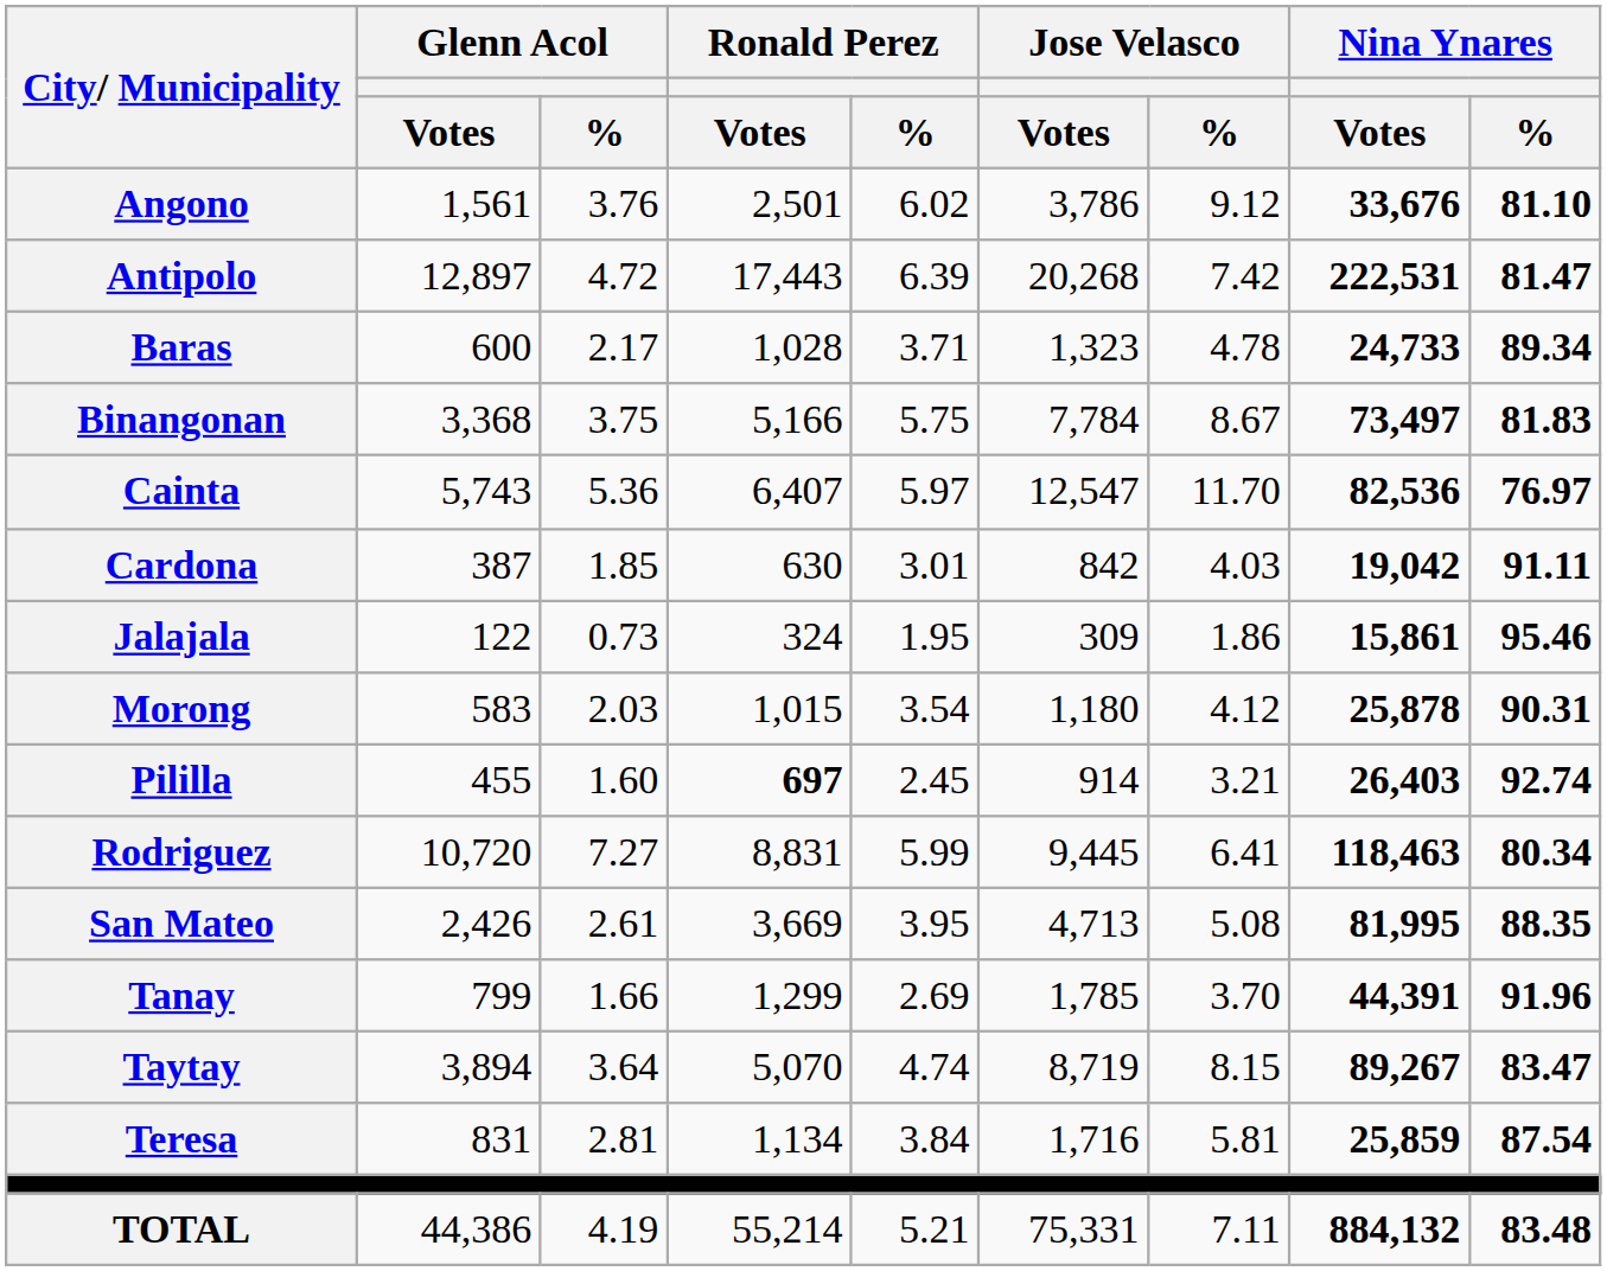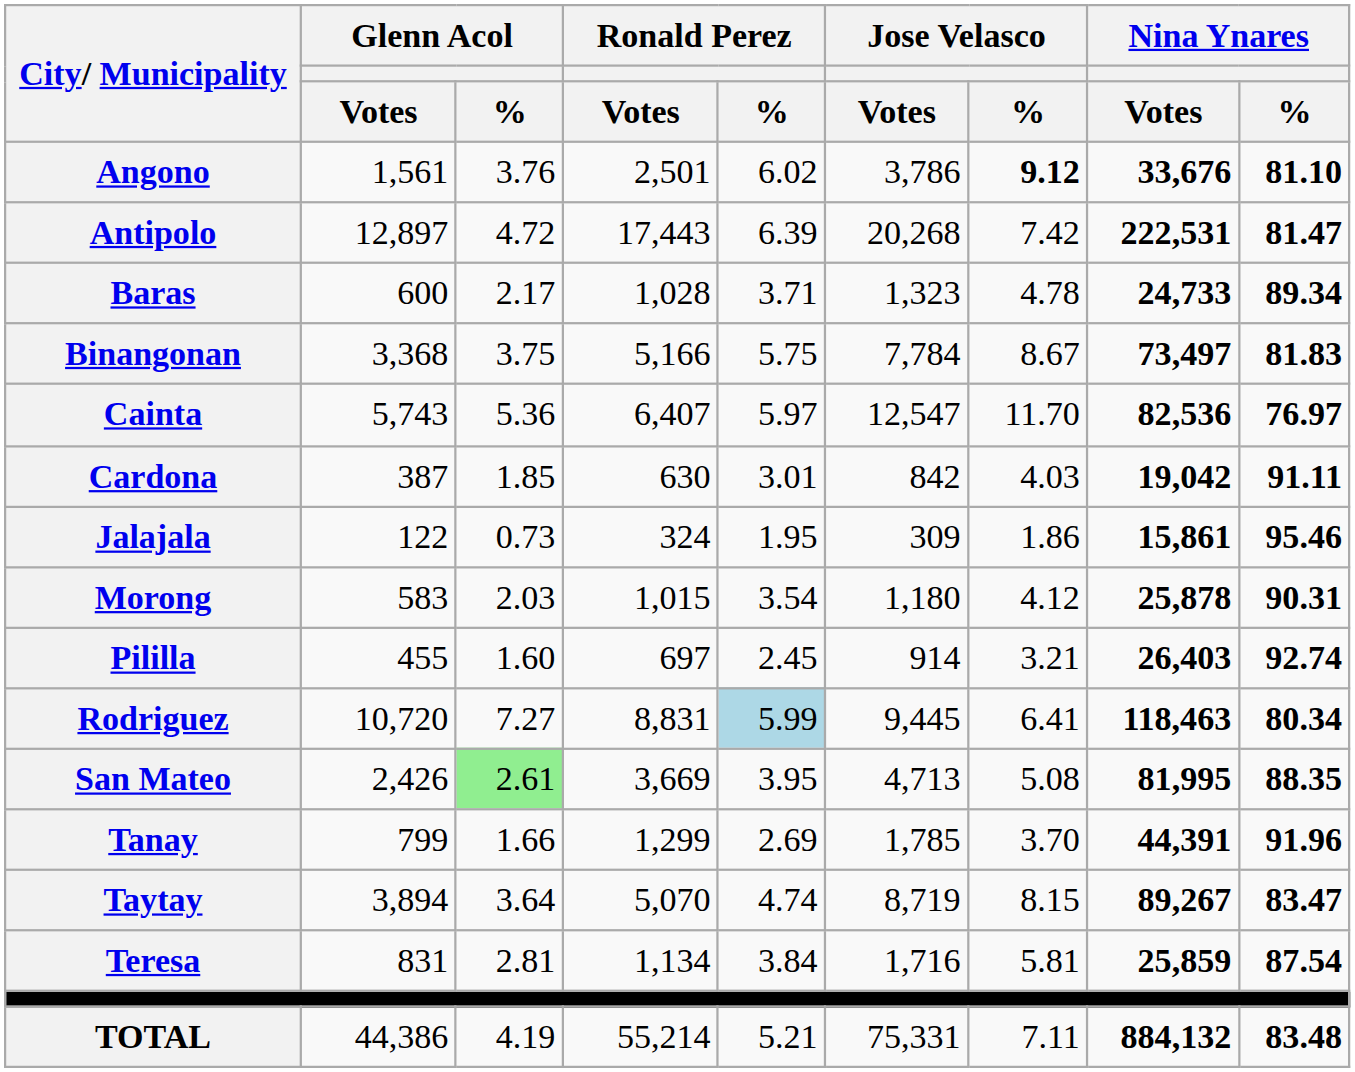 <table class="wikitable collapsible collapsed" style="text-align:right; font-size:95%; line-height:20px;">
 <tr>
 <th width="125" rowspan="3"><a href='#'>City</a>/ <a href='#'>Municipality</a></th>
 <th width="110" colspan="2">Glenn Acol</th>
 <th width="110" colspan="2">Ronald Perez</th>
 <th width="110" colspan="2">Jose Velasco</th>
 <th width="110" colspan="2"><a href='#'>Nina Ynares</a></th>
 </tr>
 <tr>
 <th colspan="2" style="background:"></th>
 <th colspan="2" style="background:"></th>
 <th colspan="2" style="background:"></th>
 <th colspan="2" style="background:"></th>
 </tr>
 <tr>
 <th>Votes</th>
 <th>%</th>
 <th>Votes</th>
 <th>%</th>
 <th>Votes</th>
 <th>%</th>
 <th>Votes</th>
 <th>%</th>
 </tr>
 <tr>
 <th scope="row"><a href='#'>Angono</a></th>
 <td>1,561</td>
 <td>3.76</td>
 <td>2,501</td>
 <td>6.02</td>
 <td>3,786</td>
-<td>9.12</td>
+<td><strong>9.12</strong></td>
 <td style="background:"><strong>33,676 </strong></td>
 <td style="background:"><strong>81.10 </strong></td>
 </tr>
 <tr>
 <th scope="row"><a href='#'>Antipolo</a></th>
 <td>12,897</td>
 <td>4.72</td>
 <td>17,443</td>
 <td>6.39</td>
 <td>20,268</td>
 <td>7.42</td>
 <td style="background:"><strong>222,531 </strong></td>
 <td style="background:"><strong>81.47 </strong></td>
 </tr>
 <tr>
 <th scope="row"><a href='#'>Baras</a></th>
 <td>600</td>
 <td>2.17</td>
 <td>1,028</td>
 <td>3.71</td>
 <td>1,323</td>
 <td>4.78</td>
 <td style="background:"><strong>24,733 </strong></td>
 <td style="background:"><strong>89.34 </strong></td>
 </tr>
 <tr>
 <th scope="row"><a href='#'>Binangonan</a></th>
 <td>3,368</td>
 <td>3.75</td>
 <td>5,166</td>
 <td>5.75</td>
 <td>7,784</td>
 <td>8.67</td>
 <td style="background:"><strong>73,497 </strong></td>
 <td style="background:"><strong>81.83 </strong></td>
 </tr>
 <tr>
 <th scope="row"><a href='#'>Cainta</a></th>
 <td>5,743</td>
 <td>5.36</td>
 <td>6,407</td>
 <td>5.97</td>
 <td>12,547</td>
 <td>11.70</td>
 <td style="background:"><strong>82,536 </strong></td>
 <td style="background:"><strong>76.97 </strong></td>
 </tr>
 <tr>
 <th scope="row"><a href='#'>Cardona</a></th>
 <td>387</td>
 <td>1.85</td>
 <td>630</td>
 <td>3.01</td>
 <td>842</td>
 <td>4.03</td>
 <td style="background:"><strong>19,042 </strong></td>
 <td style="background:"><strong>91.11 </strong></td>
 </tr>
 <tr>
 <th scope="row"><a href='#'>Jalajala</a></th>
 <td>122</td>
 <td>0.73</td>
 <td>324</td>
 <td>1.95</td>
 <td>309</td>
 <td>1.86</td>
 <td style="background:"><strong>15,861 </strong></td>
 <td style="background:"><strong>95.46 </strong></td>
 </tr>
 <tr>
 <th scope="row"><a href='#'>Morong</a></th>
 <td>583</td>
 <td>2.03</td>
 <td>1,015</td>
 <td>3.54</td>
 <td>1,180</td>
 <td>4.12</td>
 <td style="background:"><strong>25,878 </strong></td>
 <td style="background:"><strong>90.31 </strong></td>
 </tr>
 <tr>
 <th scope="row"><a href='#'>Pililla</a></th>
 <td>455</td>
 <td>1.60</td>
-<td><strong>697</strong></td>
+<td>697</td>
 <td>2.45</td>
 <td>914</td>
 <td>3.21</td>
 <td style="background:"><strong>26,403 </strong></td>
 <td style="background:"><strong>92.74 </strong></td>
 </tr>
 <tr>
 <th scope="row"><a href='#'>Rodriguez</a></th>
 <td>10,720</td>
 <td>7.27</td>
 <td>8,831</td>
-<td>5.99</td>
+<td style="background: lightblue;">5.99</td>
 <td>9,445</td>
 <td>6.41</td>
 <td style="background:"><strong>118,463 </strong></td>
 <td style="background:"><strong>80.34 </strong></td>
 </tr>
 <tr>
 <th scope="row"><a href='#'>San Mateo</a></th>
 <td>2,426</td>
-<td>2.61</td>
+<td style="background: lightgreen;">2.61</td>
 <td>3,669</td>
 <td>3.95</td>
 <td>4,713</td>
 <td>5.08</td>
 <td style="background:"><strong>81,995 </strong></td>
 <td style="background:"><strong>88.35 </strong></td>
 </tr>
 <tr>
 <th scope="row"><a href='#'>Tanay</a></th>
 <td>799</td>
 <td>1.66</td>
 <td>1,299</td>
 <td>2.69</td>
 <td>1,785</td>
 <td>3.70</td>
 <td style="background:"><strong>44,391 </strong></td>
 <td style="background:"><strong>91.96 </strong></td>
 </tr>
 <tr>
 <th scope="row"><a href='#'>Taytay</a></th>
 <td>3,894</td>
 <td>3.64</td>
 <td>5,070</td>
 <td>4.74</td>
 <td>8,719</td>
 <td>8.15</td>
 <td style="background:"><strong>89,267 </strong></td>
 <td style="background:"><strong>83.47 </strong></td>
 </tr>
 <tr>
 <th scope="row"><a href='#'>Teresa</a></th>
 <td>831</td>
 <td>2.81</td>
 <td>1,134</td>
 <td>3.84</td>
 <td>1,716</td>
 <td>5.81</td>
 <td style="background:"><strong>25,859 </strong></td>
 <td style="background:"><strong>87.54 </strong></td>
 </tr>
 <tr>
 <td colspan=9 bgcolor=black></td>
 </tr>
 <tr>
 <th scope="row">TOTAL</th>
 <td>44,386</td>
 <td>4.19</td>
 <td>55,214</td>
 <td>5.21</td>
 <td>75,331</td>
 <td>7.11</td>
 <td style="background:"><strong>884,132 </strong></td>
 <td style="background:"><strong>83.48 </strong></td>
 </tr>
 </table>
